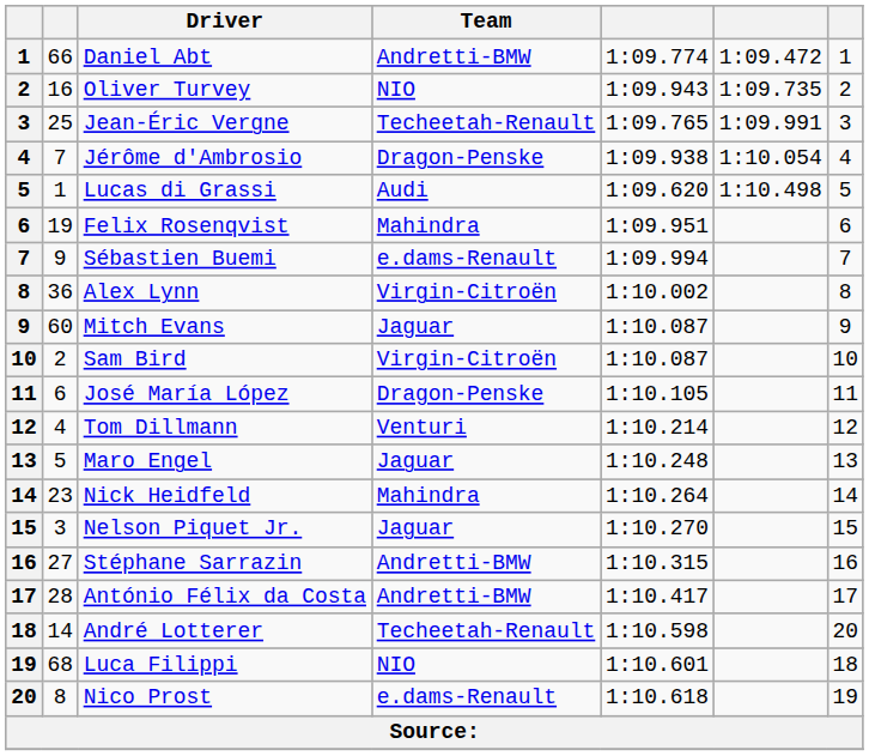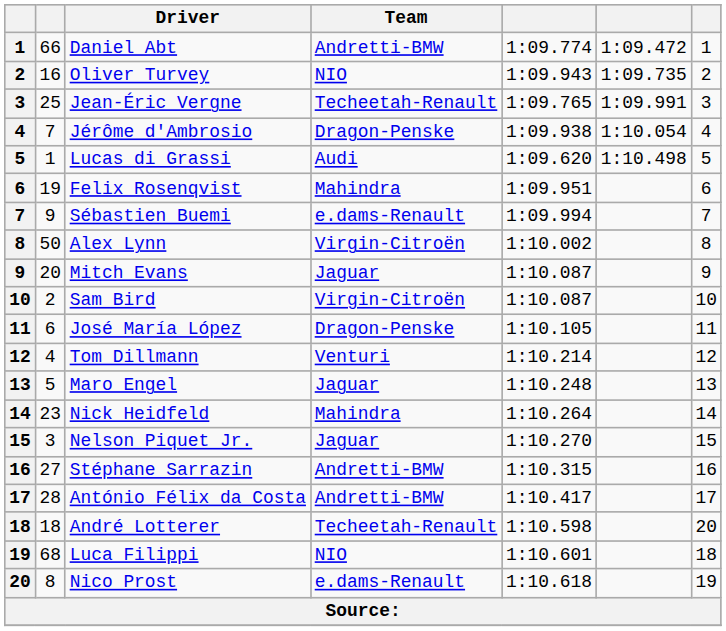 <table class="wikitable" style="font-size: 85%">
 <tr>
 <th scope="col"></th>
 <th scope="col"></th>
 <th scope="col">Driver</th>
 <th scope="col">Team</th>
 <th scope="col"></th>
 <th scope="col"></th>
 <th scope="col"></th>
 </tr>
 <tr>
 <th scope="row">1</th>
 <td align="center">66</td>
 <td data-sort-value="ABT"> <a href='#'>Daniel Abt</a></td>
 <td><a href='#'>Andretti-BMW</a></td>
 <td>1:09.774</td>
 <td>1:09.472</td>
 <td align="center">1</td>
 </tr>
 <tr>
 <th scope="row">2</th>
 <td align="center">16</td>
 <td data-sort-value="TUR"> <a href='#'>Oliver Turvey</a></td>
 <td><a href='#'>NIO</a></td>
 <td>1:09.943</td>
 <td>1:09.735</td>
 <td align="center">2</td>
 </tr>
 <tr>
 <th scope="row">3</th>
 <td align="center">25</td>
 <td data-sort-value="VER"> <a href='#'>Jean-Éric Vergne</a></td>
 <td><a href='#'>Techeetah-Renault</a></td>
 <td>1:09.765</td>
 <td>1:09.991</td>
 <td align="center">3</td>
 </tr>
 <tr>
 <th scope="row">4</th>
 <td align="center">7</td>
 <td data-sort-value="DAM"> <a href='#'>Jérôme d'Ambrosio</a></td>
 <td><a href='#'>Dragon-Penske</a></td>
 <td>1:09.938</td>
 <td>1:10.054</td>
 <td align="center">4</td>
 </tr>
 <tr>
 <th scope="row">5</th>
 <td align="center">1</td>
 <td data-sort-value="DIG"> <a href='#'>Lucas di Grassi</a></td>
 <td><a href='#'>Audi</a></td>
 <td>1:09.620</td>
 <td>1:10.498</td>
 <td align="center">5</td>
 </tr>
 <tr>
 <th scope="row">6</th>
 <td align="center">19</td>
 <td data-sort-value="ROS"> <a href='#'>Felix Rosenqvist</a></td>
 <td><a href='#'>Mahindra</a></td>
 <td>1:09.951</td>
 <td></td>
 <td align="center">6</td>
 </tr>
 <tr>
 <th scope="row">7</th>
 <td align="center">9</td>
 <td data-sort-value="BUE"> <a href='#'>Sébastien Buemi</a></td>
 <td><a href='#'>e.dams-Renault</a></td>
 <td>1:09.994</td>
 <td></td>
 <td align="center">7</td>
 </tr>
 <tr>
 <th scope="row">8</th>
-<td align="center">36</td>
+<td align="center">50</td>
 <td data-sort-value="LYN"> <a href='#'>Alex Lynn</a></td>
 <td><a href='#'>Virgin-Citroën</a></td>
 <td>1:10.002</td>
 <td></td>
 <td align="center">8</td>
 </tr>
 <tr>
 <th scope="row">9</th>
-<td align="center">60</td>
+<td align="center">20</td>
 <td data-sort-value="EVA"> <a href='#'>Mitch Evans</a></td>
 <td><a href='#'>Jaguar</a></td>
 <td>1:10.087</td>
 <td></td>
 <td align="center">9</td>
 </tr>
 <tr>
 <th scope="row">10</th>
 <td align="center">2</td>
 <td data-sort-value="BIR"> <a href='#'>Sam Bird</a></td>
 <td><a href='#'>Virgin-Citroën</a></td>
 <td>1:10.087</td>
 <td></td>
 <td align="center">10</td>
 </tr>
 <tr>
 <th scope="row">11</th>
 <td align="center">6</td>
 <td data-sort-value="LOP"> <a href='#'>José María López</a></td>
 <td><a href='#'>Dragon-Penske</a></td>
 <td>1:10.105</td>
 <td></td>
 <td align="center">11</td>
 </tr>
 <tr>
 <th scope="row">12</th>
 <td align="center">4</td>
 <td data-sort-value="DIL"> <a href='#'>Tom Dillmann</a></td>
 <td><a href='#'>Venturi</a></td>
 <td>1:10.214</td>
 <td></td>
 <td align="center">12</td>
 </tr>
 <tr>
 <th scope="row">13</th>
 <td align="center">5</td>
 <td data-sort-value="ENG"> <a href='#'>Maro Engel</a></td>
 <td><a href='#'>Jaguar</a></td>
 <td>1:10.248</td>
 <td></td>
 <td align="center">13</td>
 </tr>
 <tr>
 <th scope="row">14</th>
 <td align="center">23</td>
 <td data-sort-value="HEI"> <a href='#'>Nick Heidfeld</a></td>
 <td><a href='#'>Mahindra</a></td>
 <td>1:10.264</td>
 <td></td>
 <td align="center">14</td>
 </tr>
 <tr>
 <th scope="row">15</th>
 <td align="center">3</td>
 <td data-sort-value="PIQ"> <a href='#'>Nelson Piquet Jr.</a></td>
 <td><a href='#'>Jaguar</a></td>
 <td>1:10.270</td>
 <td></td>
 <td align="center">15</td>
 </tr>
 <tr>
 <th scope="row">16</th>
 <td align="center">27</td>
 <td data-sort-value="SAR"> <a href='#'>Stéphane Sarrazin</a></td>
 <td><a href='#'>Andretti-BMW</a></td>
 <td>1:10.315</td>
 <td></td>
 <td align="center">16</td>
 </tr>
 <tr>
 <th scope="row">17</th>
 <td align="center">28</td>
 <td data-sort-value="FDC"> <a href='#'>António Félix da Costa</a></td>
 <td><a href='#'>Andretti-BMW</a></td>
 <td>1:10.417</td>
 <td></td>
 <td align="center">17</td>
 </tr>
 <tr>
 <th scope="row">18</th>
-<td align="center">14</td>
+<td align="center">18</td>
 <td data-sort-value="LOT"> <a href='#'>André Lotterer</a></td>
 <td><a href='#'>Techeetah-Renault</a></td>
 <td>1:10.598</td>
 <td></td>
 <td align="center">20</td>
 </tr>
 <tr>
 <th scope="row">19</th>
 <td align="center">68</td>
 <td data-sort-value="FIL"> <a href='#'>Luca Filippi</a></td>
 <td><a href='#'>NIO</a></td>
 <td>1:10.601</td>
 <td></td>
 <td align="center">18</td>
 </tr>
 <tr>
 <th scope="row">20</th>
 <td align="center">8</td>
 <td data-sort-value="PRO"> <a href='#'>Nico Prost</a></td>
 <td><a href='#'>e.dams-Renault</a></td>
 <td>1:10.618</td>
 <td></td>
 <td align="center">19</td>
 </tr>
 <tr>
 <th colspan="7">Source:</th>
 </tr>
 <tr>
 </tr>
 </table>
